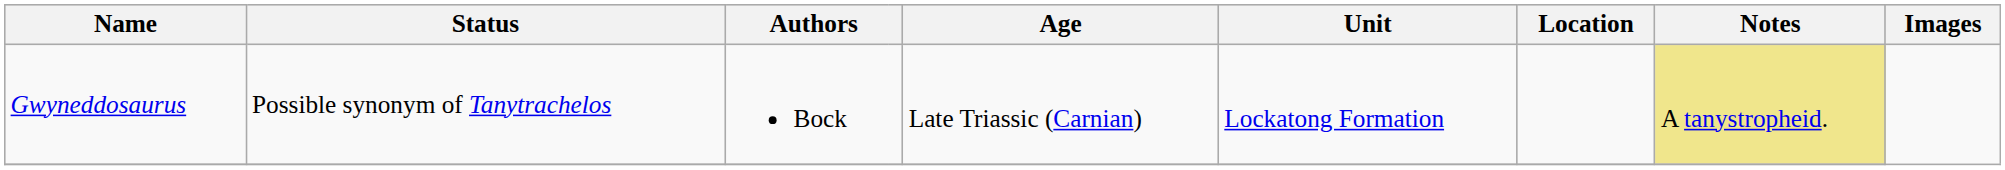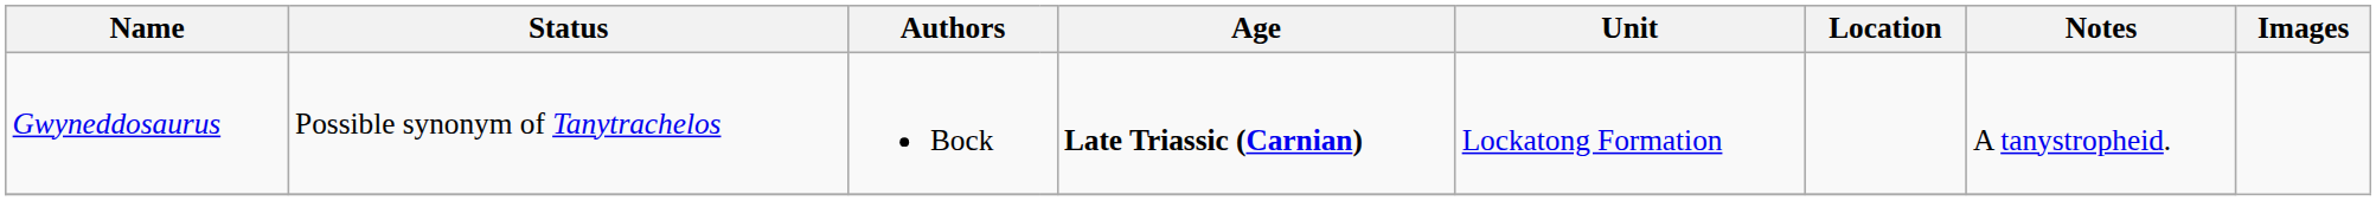 <table class="wikitable sortable" align="center" width="100%">
 <tr>
 <th>Name</th>
 <th>Status</th>
 <th colspan="2">Authors</th>
 <th>Age</th>
 <th>Unit</th>
 <th>Location</th>
 <th class="unsortable">Notes</th>
 <th class="unsortable">Images</th>
 </tr>
 <tr>
 <td><em><a href='#'>Gwyneddosaurus</a></em></td>
 <td>Possible synonym of <em><a href='#'>Tanytrachelos</a></em></td>
 <td style="border-right:0px" valign="top"><br><ul><li>Bock</li></ul></td>
 <td style="border-left:0px" valign="top"></td>
-<td><br>Late Triassic (<a href='#'>Carnian</a>)</td>
+<td><strong><br>Late Triassic (<a href='#'>Carnian</a>)</strong></td>
 <td><br><a href='#'>Lockatong Formation</a></td>
 <td><br></td>
-<td style="background: khaki;"><br>A <a href='#'>tanystropheid</a>.</td>
+<td><br>A <a href='#'>tanystropheid</a>.</td>
 </tr>
 <tr>
 </tr>
 </table>
